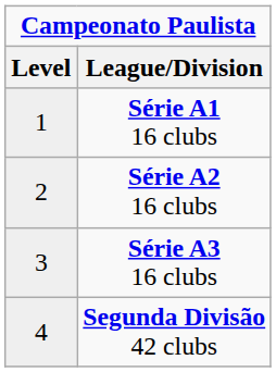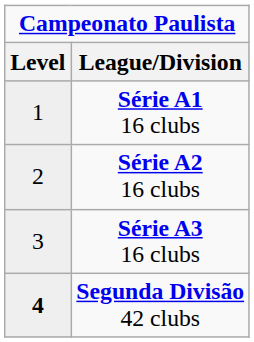 <table align="left" class="wikitable">
 <tr>
 <td colspan=2 style="text-align:center;"><strong><a href='#'>Campeonato Paulista</a></strong></td>
 </tr>
 <tr style="background:#efefef;">
 <th>Level</th>
 <th>League/Division</th>
 </tr>
 <tr>
 <td align="center" style="background:#efefef;">1</td>
 <td align="center"><strong><a href='#'>Série A1</a></strong><br>16 clubs</td>
 </tr>
 <tr>
 <td align="center" style="background:#efefef;">2</td>
 <td align="center"><strong><a href='#'>Série A2</a></strong><br>16 clubs</td>
 </tr>
 <tr>
 <td align="center" style="background:#efefef;">3</td>
 <td align="center"><strong><a href='#'>Série A3</a></strong><br>16 clubs</td>
 </tr>
 <tr>
-<td align="center" style="background:#efefef;">4</td>
+<td align="center" style="background:#efefef;"><strong>4</strong></td>
 <td align="center"><strong><a href='#'>Segunda Divisão</a></strong><br>42 clubs<br></td>
 </tr>
 </table>
